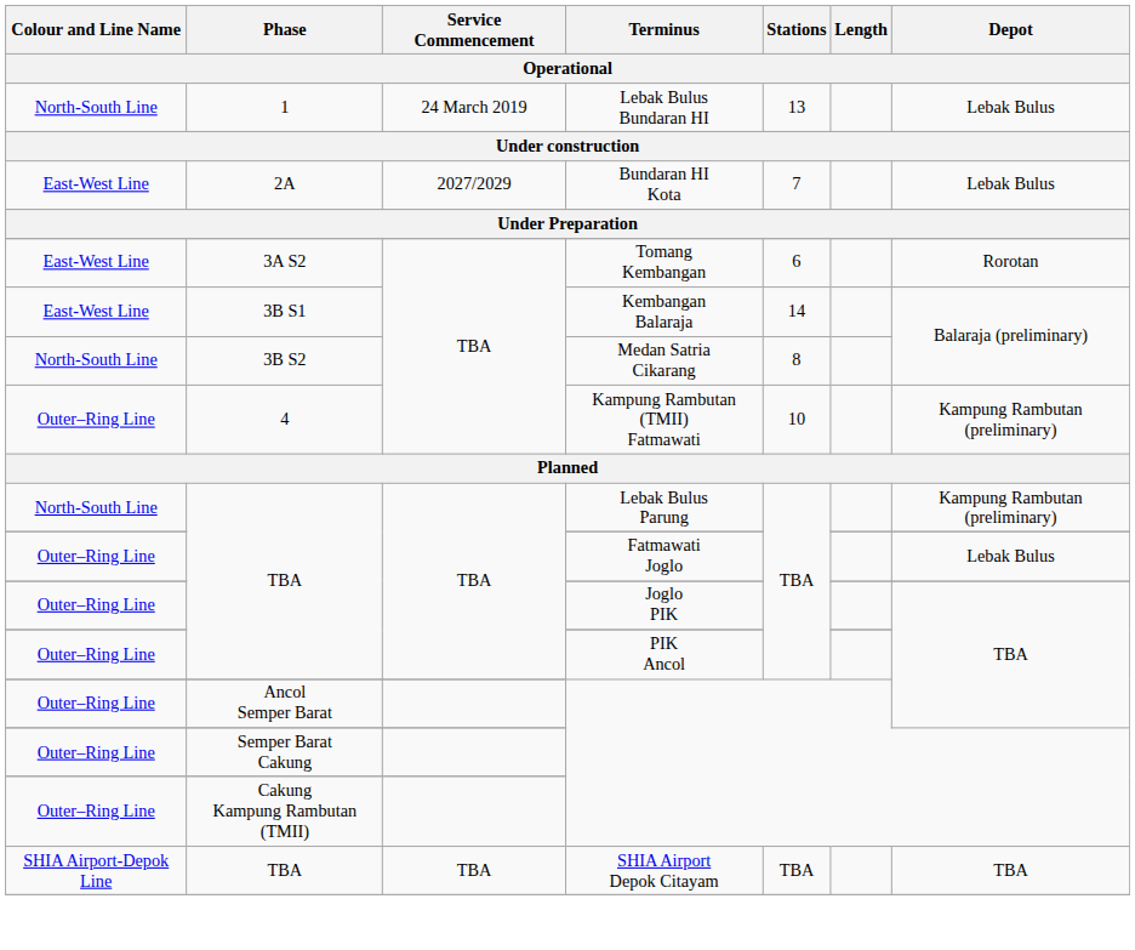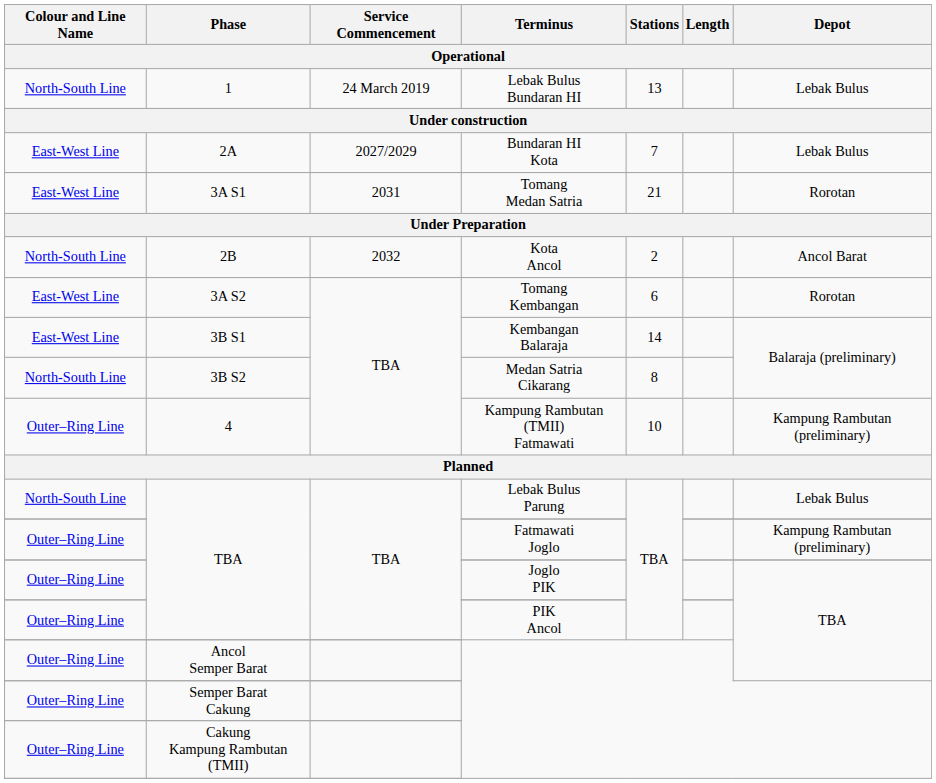 <table class="wikitable sortable" style="margin:auto; font-align:center; text-align:center; font-size:85%">
 <tr>
 <th>Colour and Line Name</th>
 <th>Phase</th>
 <th>Service Commencement</th>
 <th>Terminus</th>
 <th>Stations</th>
 <th>Length</th>
 <th>Depot</th>
 </tr>
 <tr align="center">
 <th colspan="7">Operational</th>
 </tr>
 <tr align="center">
 <td> <a href='#'>North-South Line</a></td>
 <td>1</td>
 <td>24 March 2019</td>
 <td>Lebak Bulus<br>Bundaran HI</td>
 <td>13</td>
 <td></td>
 <td>Lebak Bulus</td>
 </tr>
 <tr>
 </tr>
 <tr align="center">
 <th colspan="7">Under construction</th>
 </tr>
 <tr align="center">
 <td> <a href='#'>East-West Line</a></td>
 <td>2A</td>
 <td>2027/2029</td>
 <td>Bundaran HI<br>Kota</td>
 <td>7</td>
 <td></td>
 <td>Lebak Bulus</td>
 </tr>
 <tr>
 </tr>
 <tr align="center">
+<td> <a href='#'>East-West Line</a></td>
+<td>3A S1</td>
+<td>2031</td>
+<td>Tomang<br>Medan Satria</td>
+<td>21</td>
+<td></td>
+<td>Rorotan</td>
+</tr>
+<tr align="center">
 <th colspan="7">Under Preparation</th>
+</tr>
+<tr align="center">
+<td> <a href='#'>North-South Line</a></td>
+<td>2B</td>
+<td>2032</td>
+<td>Kota<br>Ancol</td>
+<td>2</td>
+<td></td>
+<td>Ancol Barat</td>
 </tr>
 <tr>
 </tr>
 <tr align="center">
 <td> <a href='#'>East-West Line</a></td>
 <td>3A S2</td>
 <td rowspan="4">TBA</td>
 <td>Tomang<br>Kembangan</td>
 <td>6</td>
 <td></td>
 <td>Rorotan</td>
 </tr>
 <tr align="center">
 <td> <a href='#'>East-West Line</a></td>
 <td>3B S1</td>
 <td>Kembangan<br>Balaraja</td>
 <td>14</td>
 <td></td>
 <td rowspan="2">Balaraja (preliminary)</td>
 </tr>
 <tr align="center">
 <td> <a href='#'>North-South Line</a></td>
 <td>3B S2</td>
 <td>Medan Satria<br>Cikarang</td>
 <td>8</td>
 <td></td>
 </tr>
 <tr>
 <td> <a href='#'>Outer–Ring Line</a></td>
 <td>4</td>
 <td>Kampung Rambutan (TMII)<br>Fatmawati</td>
 <td>10</td>
 <td></td>
 <td>Kampung Rambutan (preliminary)</td>
 </tr>
 <tr align="center">
 <th colspan="7">Planned</th>
 </tr>
 <tr align="center">
 <td> <a href='#'>North-South Line</a></td>
 <td rowspan="7">TBA</td>
 <td rowspan="7">TBA</td>
 <td>Lebak Bulus<br>Parung</td>
 <td rowspan="7">TBA</td>
 <td></td>
-<td>Kampung Rambutan (preliminary)</td>
+<td>Lebak Bulus</td>
 </tr>
 <tr>
 </tr>
 <tr>
 <td> <a href='#'>Outer–Ring Line</a></td>
 <td>Fatmawati<br>Joglo</td>
 <td></td>
-<td>Lebak Bulus</td>
+<td>Kampung Rambutan (preliminary)</td>
 </tr>
 <tr>
 </tr>
 <tr>
 <td> <a href='#'>Outer–Ring Line</a></td>
 <td>Joglo<br>PIK</td>
 <td></td>
 <td rowspan="5">TBA</td>
 </tr>
 <tr>
 </tr>
 <tr>
 <td> <a href='#'>Outer–Ring Line</a></td>
 <td>PIK<br>Ancol</td>
 <td></td>
 </tr>
 <tr>
 </tr>
 <tr>
 <td> <a href='#'>Outer–Ring Line</a></td>
 <td>Ancol<br>Semper Barat</td>
 <td></td>
 </tr>
 <tr>
 </tr>
 <tr>
 <td> <a href='#'>Outer–Ring Line</a></td>
 <td>Semper Barat<br>Cakung</td>
 <td></td>
 </tr>
 <tr>
 </tr>
 <tr>
 <td> <a href='#'>Outer–Ring Line</a></td>
 <td>Cakung<br>Kampung Rambutan (TMII)</td>
 <td></td>
 </tr>
-<tr align="center">
-<td><a href='#'>SHIA Airport-Depok Line</a></td>
-<td>TBA</td>
-<td>TBA</td>
-<td><a href='#'>SHIA Airport</a><br>Depok Citayam</td>
-<td>TBA</td>
-<td></td>
-<td>TBA</td>
-</tr>
 <tr>
 </tr>
 </table>
